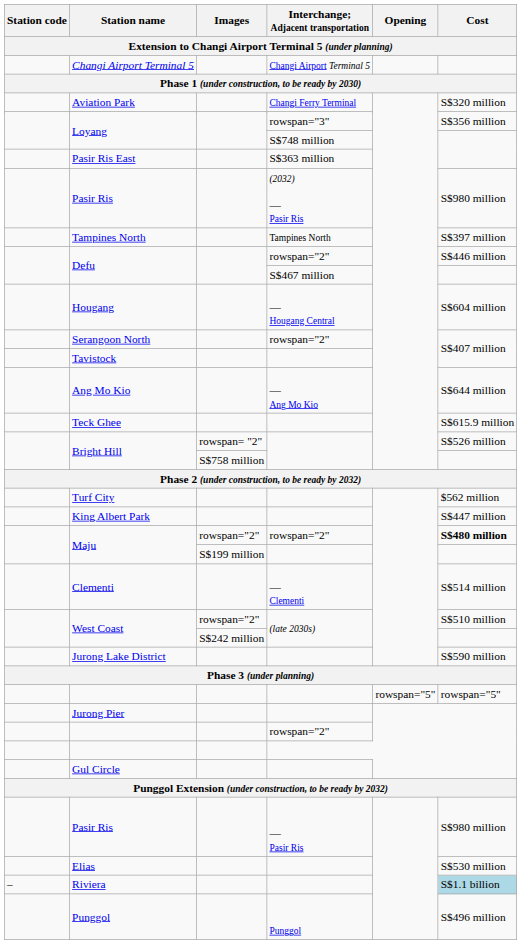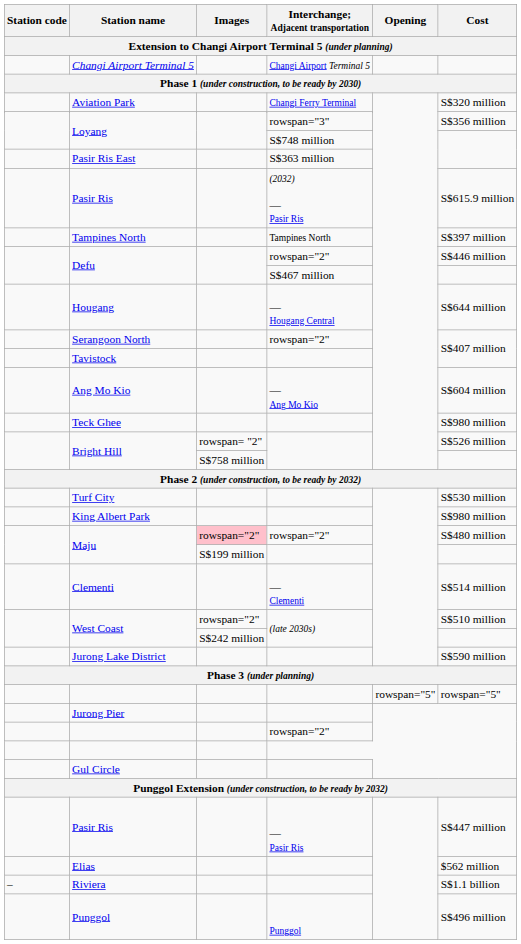 <table class="wikitable" style="color: black; border-collapse: collapse; font-size: 95%">
 <tr>
 <th scope="col" style="color: black; background:#">Station code</th>
 <th scope="col" style="color: black; background:#">Station name</th>
 <th scope="col" style="color: black; background:#">Images</th>
 <th scope="col" style="color: black; background:#">Interchange;<br><small>Adjacent transportation</small></th>
 <th scope="col" style="color: black; background:#">Opening</th>
 <th scope="col" style="color: black; background:#">Cost</th>
 </tr>
 <tr>
 <th colspan="6">Extension to Changi Airport Terminal 5 <small><em>(under planning)</em></small></th>
 </tr>
 <tr>
 <td scope="row"><br> </td>
 <td><em><a href='#'>Changi Airport Terminal 5</a></em></td>
 <td></td>
 <td> <small><a href='#'>Changi Airport</a> <em>Terminal 5</em></small> </td>
 <td></td>
 <td></td>
 </tr>
 <tr>
 <th colspan=6>Phase 1 <small><em>(under construction, to be ready by 2030)</em></small></th>
 </tr>
 <tr>
 <td scope="row" rowspan="2"><br> </td>
 <td rowspan="2"><a href='#'>Aviation Park</a></td>
 <td rowspan="2"></td>
 <td rowspan="2"> <small><a href='#'>Changi Ferry Terminal</a></small> </td>
 <td rowspan="17"></td>
 <td>S$320 million</td>
 </tr>
 <tr>
 <td rowspan="2">S$356 million</td>
 </tr>
 <tr>
 <td scope="row" rowspan="2"><br> </td>
 <td rowspan="2"><a href='#'>Loyang</a></td>
 <td rowspan="2"></td>
 <td>rowspan="3" </td>
 </tr>
 <tr>
 <td>S$748 million</td>
 </tr>
 <tr>
 <td scope="row"><br> </td>
 <td><a href='#'>Pasir Ris East</a></td>
 <td></td>
 <td>S$363 million</td>
 </tr>
 <tr>
 <td scope="row"><br><br> </td>
 <td><a href='#'>Pasir Ris</a></td>
 <td></td>
 <td>  <small><em>(2032)</em></small><br> <br>―<br> <small><a href='#'>Pasir Ris</a></small></td>
-<td>S$980 million</td>
+<td>S$615.9 million</td>
 </tr>
 <tr>
 <td scope="row" rowspan="2"><br> </td>
 <td rowspan="2"><a href='#'>Tampines North</a></td>
 <td rowspan="2"></td>
 <td rowspan="2"> <small>Tampines North</small></td>
 <td>S$397 million</td>
 </tr>
 <tr>
 <td rowspan="2">S$446 million</td>
 </tr>
 <tr>
 <td scope="row" rowspan="2"><br> </td>
 <td rowspan="2"><a href='#'>Defu</a></td>
 <td rowspan="2"></td>
 <td>rowspan="2" </td>
 </tr>
 <tr>
 <td>S$467 million</td>
 </tr>
 <tr>
 <td scope="row"><br>  </td>
 <td><a href='#'>Hougang</a></td>
 <td></td>
 <td> <br>―<br> <small><a href='#'>Hougang Central</a></small></td>
-<td>S$604 million</td>
+<td>S$644 million</td>
 </tr>
 <tr>
 <td scope="row"><br> </td>
 <td><a href='#'>Serangoon North</a></td>
 <td></td>
 <td>rowspan="2" </td>
 <td rowspan=2>S$407 million</td>
 </tr>
 <tr>
 <td scope="row"><br> </td>
 <td><a href='#'>Tavistock</a></td>
 <td></td>
 </tr>
 <tr>
 <td scope="row"><br> </td>
 <td><a href='#'>Ang Mo Kio</a></td>
 <td></td>
 <td> <br>―<br> <small><a href='#'>Ang Mo Kio</a></small></td>
-<td>S$644 million</td>
+<td>S$604 million</td>
 </tr>
 <tr>
 <td scope="row"><br> </td>
 <td><a href='#'>Teck Ghee</a></td>
 <td></td>
 <td></td>
-<td>S$615.9 million</td>
+<td>S$980 million</td>
 </tr>
 <tr>
 <td scope="row" rowspan="2"><br>  </td>
 <td rowspan="2"><a href='#'>Bright Hill</a></td>
 <td>rowspan= "2"</td>
 <td rowspan="2"> </td>
 <td>S$526 million</td>
 </tr>
 <tr>
 <td>S$758 million</td>
 </tr>
 <tr>
 <th colspan=6>Phase 2 <small><em>(under construction, to be ready by 2032)</em></small></th>
 </tr>
 <tr>
 <td scope="row"><br> </td>
 <td><a href='#'>Turf City</a></td>
 <td></td>
 <td></td>
 <td rowspan="8"></td>
-<td>$562 million</td>
+<td>S$530 million</td>
 </tr>
 <tr>
 <td scope="row"><br>  </td>
 <td><a href='#'>King Albert Park</a></td>
 <td></td>
 <td> </td>
-<td>S$447 million</td>
+<td>S$980 million</td>
 </tr>
 <tr>
 <td rowspan="2" scope="row"><br> </td>
 <td rowspan="2"><a href='#'>Maju</a></td>
+<td style="background: pink;">rowspan="2" </td>
 <td>rowspan="2" </td>
-<td>rowspan="2" </td>
-<td><strong>S$480 million</strong></td>
+<td>S$480 million</td>
 </tr>
 <tr>
 <td>S$199 million</td>
 </tr>
 <tr>
 <td scope="row"><br> </td>
 <td><a href='#'>Clementi</a></td>
 <td></td>
 <td> <br>―<br> <small><a href='#'>Clementi</a></small></td>
 <td>S$514 million</td>
 </tr>
 <tr>
 <td rowspan="2" scope="row"><br> </td>
 <td rowspan="2"><a href='#'>West Coast</a></td>
 <td>rowspan="2" </td>
 <td rowspan="2">  <small><em>(late 2030s)</em></small><br></td>
 <td>S$510 million</td>
 </tr>
 <tr>
 <td>S$242 million</td>
 </tr>
 <tr>
 <td scope="row"><br> </td>
 <td><a href='#'>Jurong Lake District</a></td>
 <td></td>
 <td></td>
 <td>S$590 million</td>
 </tr>
 <tr>
 <th colspan=6>Phase 3 <small><em>(under planning)</em></small></th>
 </tr>
 <tr>
 <td scope="row"><br> </td>
 <td></td>
 <td></td>
 <td></td>
 <td>rowspan="5" </td>
 <td>rowspan="5" </td>
 </tr>
 <tr>
 <td scope="row"><br> </td>
 <td><a href='#'>Jurong Pier</a></td>
 <td></td>
 <td> </td>
 </tr>
 <tr>
 <td scope="row"><br> </td>
 <td></td>
 <td></td>
 <td>rowspan="2" </td>
 </tr>
 <tr>
 <td scope="row"><br> </td>
 <td></td>
 <td></td>
 </tr>
 <tr>
 <td scope="row"><br> </td>
 <td><a href='#'>Gul Circle</a></td>
 <td></td>
 <td> </td>
 </tr>
 <tr>
 <th colspan=6>Punggol Extension <small><em>(under construction, to be ready by 2032)</em></small></th>
 </tr>
 <tr>
 <td scope="row"><br><br> </td>
 <td><a href='#'>Pasir Ris</a></td>
 <td></td>
 <td> <br> <br>―<br> <small><a href='#'>Pasir Ris</a></small></td>
 <td rowspan="4"></td>
-<td>S$980 million</td>
+<td>S$447 million</td>
 </tr>
 <tr>
 <td scope="row"><br> </td>
 <td><a href='#'>Elias</a></td>
 <td></td>
 <td></td>
-<td>S$530 million</td>
+<td>$562 million</td>
 </tr>
 <tr>
 <td scope="row">–<br> </td>
 <td><a href='#'>Riviera</a></td>
 <td></td>
 <td>  </td>
-<td style="background: lightblue;">S$1.1 billion</td>
+<td>S$1.1 billion</td>
 </tr>
 <tr>
 <td scope="row"><br> </td>
 <td><a href='#'>Punggol</a></td>
 <td></td>
 <td> <br> <br> <small><a href='#'>Punggol</a></small></td>
 <td>S$496 million</td>
 </tr>
 </table>
